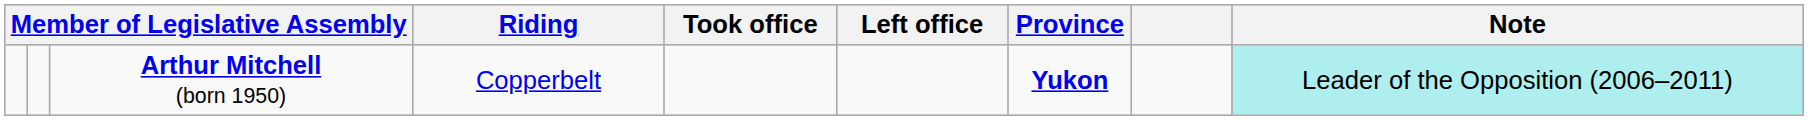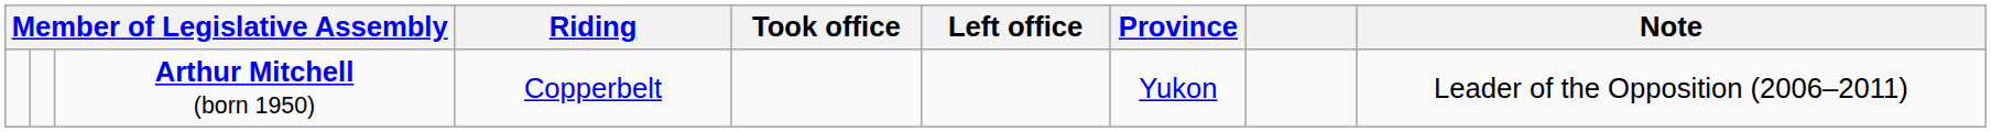 <table class="wikitable sortable plainrowheaders" style="text-align:center">
 <tr>
 <th colspan="3" class=unsortable><a href='#'>Member of Legislative Assembly</a></th>
 <th scope="col" width=150px><a href='#'>Riding</a></th>
 <th scope="col" width=100px>Took office</th>
 <th scope="col" width=100px>Left office</th>
 <th scope="col" width=70px><a href='#'>Province</a></th>
 <th scope="col" class=unsortable width=55px></th>
 <th scope="col" class=unsortable width=350px>Note</th>
 </tr>
 <tr>
 <td style="background:"></td>
 <td></td>
 <td><strong><a href='#'>Arthur Mitchell</a></strong><br><small>(born 1950)</small></td>
 <td><a href='#'>Copperbelt</a></td>
 <td></td>
 <td></td>
-<td><strong><a href='#'>Yukon</a></strong></td>
+<td><a href='#'>Yukon</a></td>
 <td></td>
-<td style="background: paleturquoise;">Leader of the Opposition (2006–2011)</td>
+<td>Leader of the Opposition (2006–2011)</td>
 </tr>
 </table>
